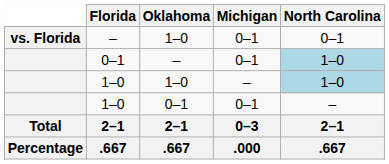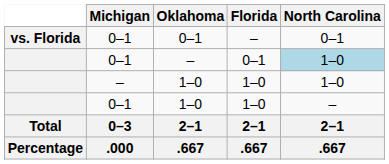 <table class="wikitable" style="font-size:95%; text-align:center;">
 <tr>
 <th colspan=1 style="background:white; border-top-style:hidden; border-left-style:hidden;" width=75></th>
+<th style=>Michigan</th>
+<th style=>Oklahoma</th>
 <th style=>Florida</th>
-<th style=>Oklahoma</th>
-<th style=>Michigan</th>
 <th style=>North Carolina</th>
 </tr>
 <tr style="text-align:center;">
 <th>vs. Florida</th>
+<td>0–1</td>
+<td>0–1</td>
 <td>–</td>
-<td>1–0</td>
-<td>0–1</td>
 <td>0–1</td>
 </tr>
 <tr style="text-align:center;">
 <th></th>
 <td>0–1</td>
 <td>–</td>
 <td>0–1</td>
 <td style="background: lightblue;">1–0</td>
 </tr>
 <tr style="text-align:center;">
 <th></th>
+<td>–</td>
 <td>1–0</td>
 <td>1–0</td>
-<td>–</td>
-<td style="background: lightblue;">1–0</td>
+<td>1–0</td>
 </tr>
 <tr style="text-align:center;">
 <th></th>
+<td>0–1</td>
 <td>1–0</td>
-<td>0–1</td>
-<td>0–1</td>
+<td>1–0</td>
 <td>–</td>
 </tr>
 <tr style="text-align:center;">
 <th>Total</th>
+<th>0–3</th>
 <th>2–1</th>
 <th>2–1</th>
-<th>0–3</th>
 <th>2–1</th>
 </tr>
 <tr style="text-align:center;">
 <th>Percentage</th>
+<th>.000</th>
 <th>.667</th>
 <th>.667</th>
-<th>.000</th>
 <th>.667</th>
 </tr>
 </table>
